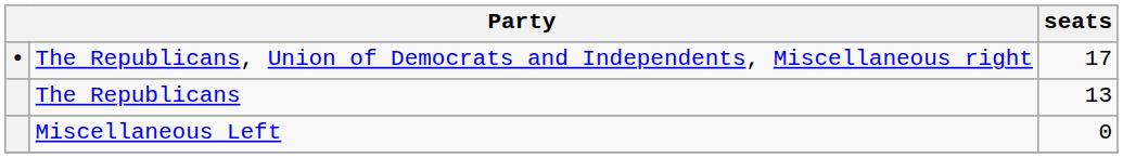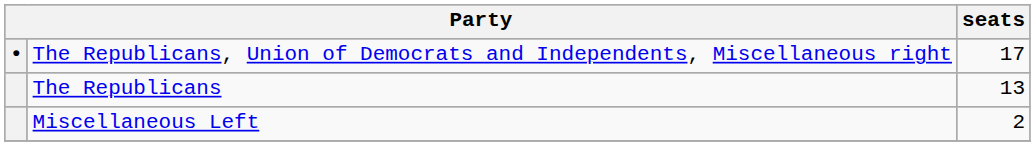 <table class="wikitable" style="font-size: 95%;">
 <tr>
 <th colspan=2>Party</th>
 <th>seats</th>
 </tr>
 <tr>
 <th style="background-color: "><span>•</span></th>
 <td><a href='#'>The Republicans</a>, <a href='#'>Union of Democrats and Independents</a>, <a href='#'>Miscellaneous right</a></td>
 <td align="right">17</td>
 </tr>
 <tr>
 <th style="background-color: "></th>
 <td><a href='#'>The Republicans</a></td>
 <td align="right">13</td>
 </tr>
 <tr>
 <th style="background-color: "></th>
 <td><a href='#'>Miscellaneous Left</a></td>
-<td align="right">0</td>
+<td align="right">2</td>
 </tr>
 <tr>
 </tr>
 </table>
